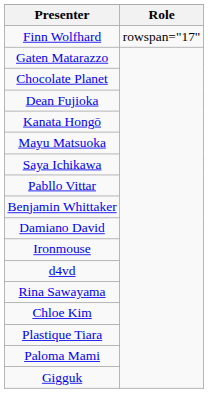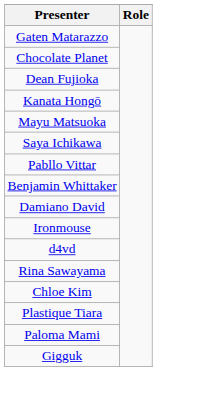 <table class="wikitable" style="text-align: center">
 <tr>
 </tr>
 <tr>
 <th scope="col" align="center">Presenter</th>
 <th>Role</th>
-</tr>
-<tr>
-<td><a href='#'>Finn Wolfhard</a></td>
-<td>rowspan="17" </td>
 </tr>
 <tr>
 <td><a href='#'>Gaten Matarazzo</a></td>
 </tr>
 <tr>
 <td><a href='#'>Chocolate Planet</a></td>
 </tr>
 <tr>
 <td><a href='#'>Dean Fujioka</a></td>
 </tr>
 <tr>
 <td><a href='#'>Kanata Hongō</a></td>
 </tr>
 <tr>
 <td><a href='#'>Mayu Matsuoka</a></td>
 </tr>
 <tr>
 <td><a href='#'>Saya Ichikawa</a></td>
 </tr>
 <tr>
 <td><a href='#'>Pabllo Vittar</a></td>
 </tr>
 <tr>
 <td><a href='#'>Benjamin Whittaker</a></td>
 </tr>
 <tr>
 <td><a href='#'>Damiano David</a></td>
 </tr>
 <tr>
 <td><a href='#'>Ironmouse</a></td>
 </tr>
 <tr>
 <td><a href='#'>d4vd</a></td>
 </tr>
 <tr>
 <td><a href='#'>Rina Sawayama</a></td>
 </tr>
 <tr>
 <td><a href='#'>Chloe Kim</a></td>
 </tr>
 <tr>
 <td><a href='#'>Plastique Tiara</a></td>
 </tr>
 <tr>
 <td><a href='#'>Paloma Mami</a></td>
 </tr>
 <tr>
 <td><a href='#'>Gigguk</a></td>
 </tr>
 </table>
